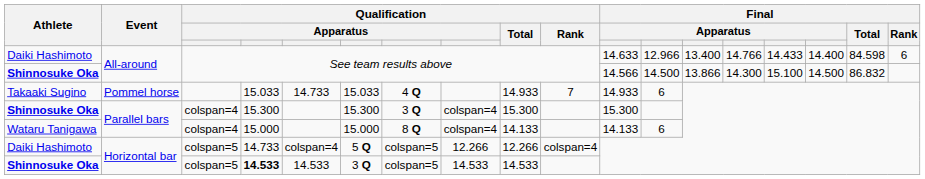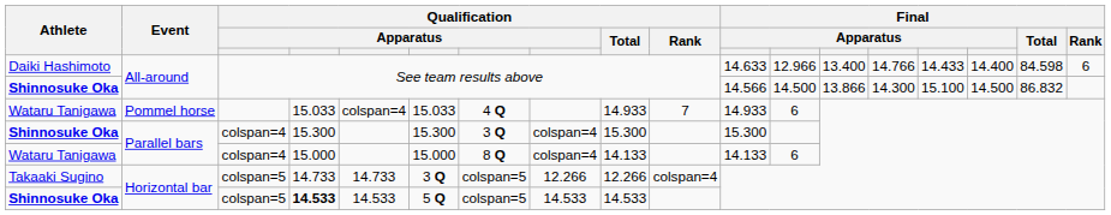 <table class="wikitable" style="font-size:90%">
 <tr>
 <th rowspan=3>Athlete</th>
 <th rowspan=3>Event</th>
 <th colspan =8>Qualification</th>
 <th colspan =8>Final</th>
 </tr>
 <tr style="font-size:95%">
 <th colspan=6>Apparatus</th>
 <th rowspan=2>Total</th>
 <th rowspan=2>Rank</th>
 <th colspan=6>Apparatus</th>
 <th rowspan=2>Total</th>
 <th rowspan=2>Rank</th>
 </tr>
 <tr style="font-size:95%">
 <th></th>
 <th></th>
 <th></th>
 <th></th>
 <th></th>
 <th></th>
 <th></th>
 <th></th>
 <th></th>
 <th></th>
 <th></th>
 <th></th>
 </tr>
 <tr align=center>
 <td align=left><a href='#'>Daiki Hashimoto</a></td>
 <td align=left rowspan=2><a href='#'>All-around</a></td>
 <td rowspan=2 colspan=8><em>See team results above</em></td>
 <td>14.633</td>
 <td>12.966</td>
 <td>13.400</td>
 <td>14.766</td>
 <td>14.433</td>
 <td>14.400</td>
 <td>84.598</td>
 <td>6</td>
 </tr>
 <tr align=center>
 <td align=left><strong><a href='#'>Shinnosuke Oka</a></strong></td>
 <td>14.566</td>
 <td>14.500</td>
 <td>13.866</td>
 <td>14.300</td>
 <td>15.100</td>
 <td>14.500</td>
 <td>86.832</td>
 <td></td>
 </tr>
 <tr align=center>
-<td align=left><a href='#'>Takaaki Sugino</a></td>
+<td align=left><a href='#'>Wataru Tanigawa</a></td>
 <td align=left><a href='#'>Pommel horse</a></td>
 <td></td>
 <td>15.033</td>
-<td>14.733</td>
+<td>colspan=4 </td>
 <td>15.033</td>
 <td>4 <strong>Q</strong></td>
 <td></td>
 <td>14.933</td>
 <td>7</td>
 <td>14.933</td>
 <td>6</td>
 </tr>
 <tr align=center>
 <td align=left><strong><a href='#'>Shinnosuke Oka</a></strong></td>
 <td align=left rowspan=2><a href='#'>Parallel bars</a></td>
 <td>colspan=4 </td>
 <td>15.300</td>
 <td></td>
 <td>15.300</td>
 <td>3 <strong>Q</strong></td>
 <td>colspan=4 </td>
 <td>15.300</td>
 <td></td>
 <td>15.300</td>
 <td></td>
 </tr>
 <tr align=center>
 <td align=left><a href='#'>Wataru Tanigawa</a></td>
 <td>colspan=4 </td>
 <td>15.000</td>
 <td></td>
 <td>15.000</td>
 <td>8 <strong>Q</strong></td>
 <td>colspan=4 </td>
 <td>14.133</td>
 <td></td>
 <td>14.133</td>
 <td>6</td>
 </tr>
 <tr align=center>
-<td align=left><a href='#'>Daiki Hashimoto</a></td>
+<td align=left><a href='#'>Takaaki Sugino</a></td>
 <td align=left rowspan=2><a href='#'>Horizontal bar</a></td>
 <td>colspan=5 </td>
 <td>14.733</td>
-<td>colspan=4 </td>
-<td>5 <strong>Q</strong></td>
+<td>14.733</td>
+<td>3 <strong>Q</strong></td>
 <td>colspan=5 </td>
 <td>12.266</td>
 <td>12.266</td>
 <td>colspan=4 </td>
 </tr>
 <tr align=center>
 <td align=left><strong><a href='#'>Shinnosuke Oka</a></strong></td>
 <td>colspan=5 </td>
 <td><strong>14.533</strong></td>
 <td>14.533</td>
-<td>3 <strong>Q</strong></td>
+<td>5 <strong>Q</strong></td>
 <td>colspan=5 </td>
 <td>14.533</td>
 <td>14.533</td>
 <td></td>
 </tr>
 </table>
